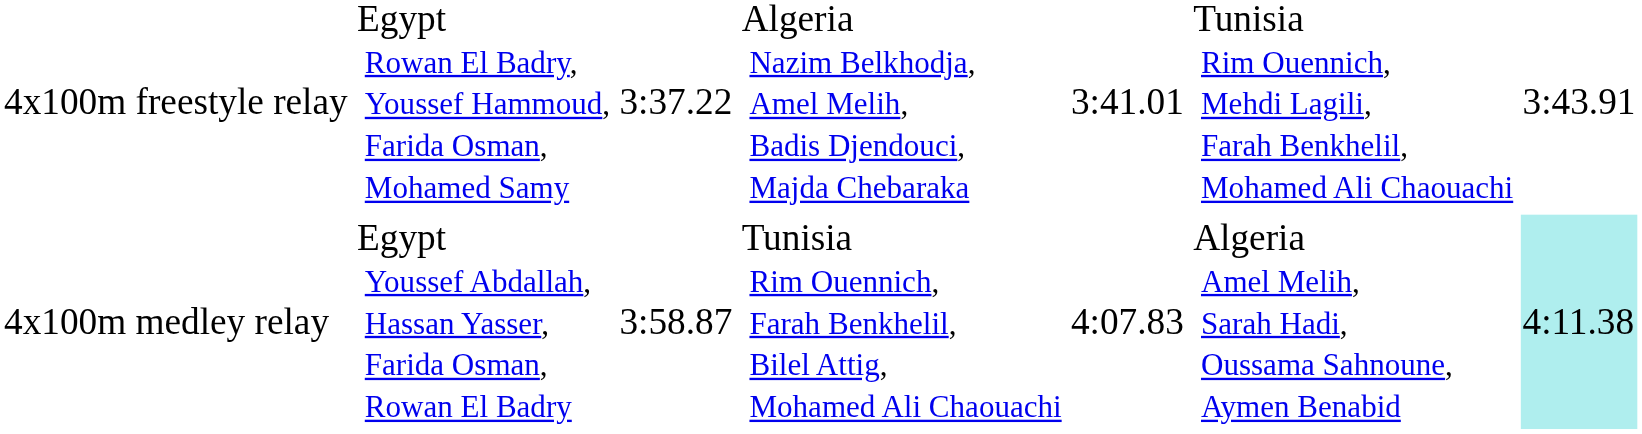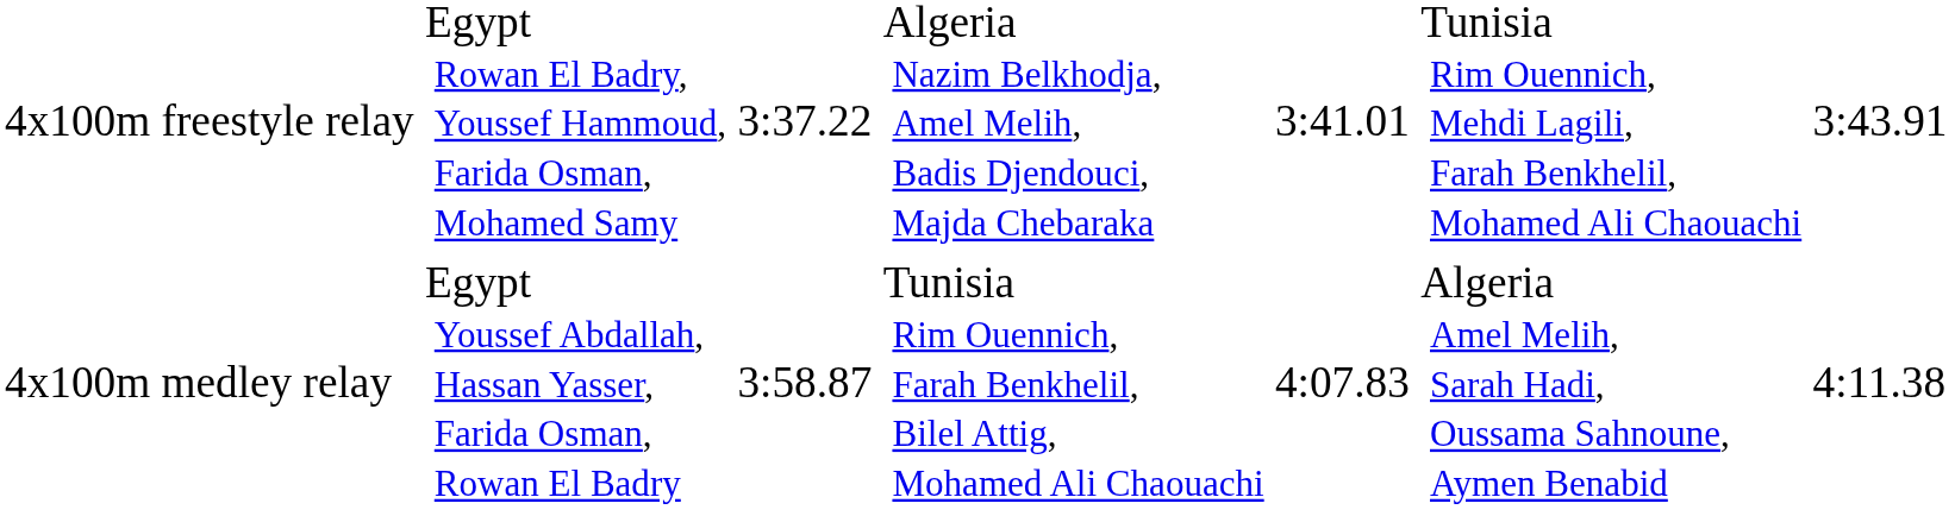 <table>
 <tr>
 <td>4x100m freestyle relay</td>
 <td> Egypt <small><br>  <a href='#'>Rowan El Badry</a>, <br>  <a href='#'>Youssef Hammoud</a>, <br>  <a href='#'>Farida Osman</a>, <br>  <a href='#'>Mohamed Samy</a> </small></td>
 <td>3:37.22</td>
 <td> Algeria <small><br>  <a href='#'>Nazim Belkhodja</a>, <br>  <a href='#'>Amel Melih</a>, <br>  <a href='#'>Badis Djendouci</a>, <br>  <a href='#'>Majda Chebaraka</a> </small></td>
 <td>3:41.01</td>
 <td> Tunisia <small><br>  <a href='#'>Rim Ouennich</a>, <br>  <a href='#'>Mehdi Lagili</a>, <br>  <a href='#'>Farah Benkhelil</a>, <br>  <a href='#'>Mohamed Ali Chaouachi</a> </small></td>
 <td>3:43.91</td>
 </tr>
 <tr>
 <td>4x100m medley relay</td>
 <td> Egypt <small><br>  <a href='#'>Youssef Abdallah</a>, <br>  <a href='#'>Hassan Yasser</a>, <br>  <a href='#'>Farida Osman</a>, <br>  <a href='#'>Rowan El Badry</a> </small></td>
 <td>3:58.87</td>
 <td> Tunisia <small><br>  <a href='#'>Rim Ouennich</a>, <br>  <a href='#'>Farah Benkhelil</a>, <br>  <a href='#'>Bilel Attig</a>, <br>  <a href='#'>Mohamed Ali Chaouachi</a> </small></td>
 <td>4:07.83</td>
 <td> Algeria <small><br>  <a href='#'>Amel Melih</a>, <br>  <a href='#'>Sarah Hadi</a>, <br>  <a href='#'>Oussama Sahnoune</a>, <br>  <a href='#'>Aymen Benabid</a> </small></td>
-<td style="background: paleturquoise;">4:11.38</td>
+<td>4:11.38</td>
 </tr>
 <tr>
 </tr>
 </table>
